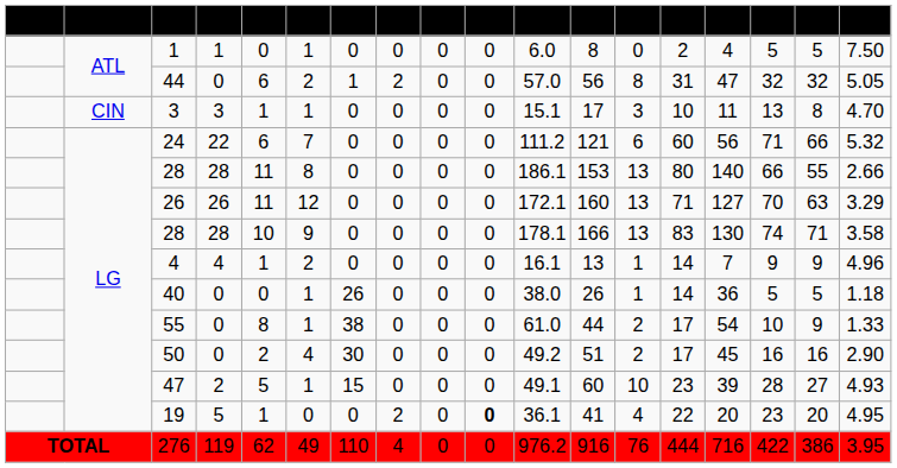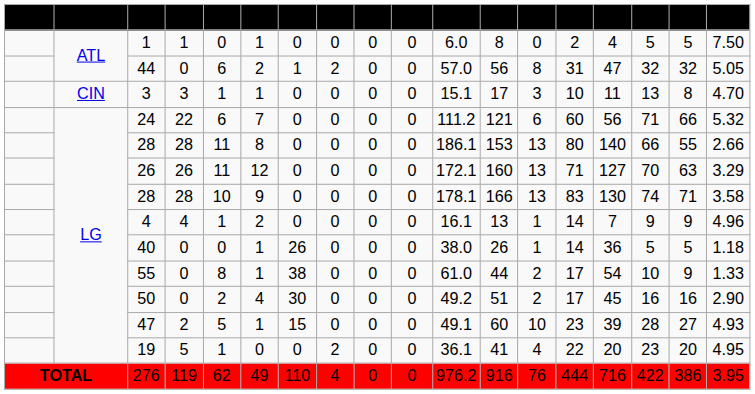 <table class="wikitable" style="text-align: center;">
 <tr bgcolor="#000000">
 <th style="background:#000000;" width="42"><span>Year</span></th>
 <th style="background:#000000;" width="65"><span>Team</span></th>
 <th style="background:#000000;" width="30"><span>G</span></th>
 <th style="background:#000000;" width="30"><span>GS</span></th>
 <th style="background:#000000;" width="30"><span>W</span></th>
 <th style="background:#000000;" width="30"><span>L</span></th>
 <th style="background:#000000;" width="30"><span>SV</span></th>
 <th style="background:#000000;" width="30"><span>H</span></th>
 <th style="background:#000000;" width="30"><span>CG</span></th>
 <th style="background:#000000;" width="30"><span>ShO</span></th>
 <th style="background:#000000;" width="40"><span>IP</span></th>
 <th style="background:#000000;" width="30"><span>H</span></th>
 <th style="background:#000000;" width="30"><span>HR</span></th>
 <th style="background:#000000;" width="30"><span>BB</span></th>
 <th style="background:#000000;" width="30"><span>K</span></th>
 <th style="background:#000000;" width="30"><span>R</span></th>
 <th style="background:#000000;" width="30"><span>ER</span></th>
 <th style="background:#000000;" width="35"><span>ERA</span></th>
 </tr>
 <tr>
 <td></td>
 <td rowspan=2><a href='#'>ATL</a></td>
 <td>1</td>
 <td>1</td>
 <td>0</td>
 <td>1</td>
 <td>0</td>
 <td>0</td>
 <td>0</td>
 <td>0</td>
 <td>6.0</td>
 <td>8</td>
 <td>0</td>
 <td>2</td>
 <td>4</td>
 <td>5</td>
 <td>5</td>
 <td>7.50</td>
 </tr>
 <tr>
 <td></td>
 <td>44</td>
 <td>0</td>
 <td>6</td>
 <td>2</td>
 <td>1</td>
 <td>2</td>
 <td>0</td>
 <td>0</td>
 <td>57.0</td>
 <td>56</td>
 <td>8</td>
 <td>31</td>
 <td>47</td>
 <td>32</td>
 <td>32</td>
 <td>5.05</td>
 </tr>
 <tr>
 <td></td>
 <td><a href='#'>CIN</a></td>
 <td>3</td>
 <td>3</td>
 <td>1</td>
 <td>1</td>
 <td>0</td>
 <td>0</td>
 <td>0</td>
 <td>0</td>
 <td>15.1</td>
 <td>17</td>
 <td>3</td>
 <td>10</td>
 <td>11</td>
 <td>13</td>
 <td>8</td>
 <td>4.70</td>
 </tr>
 <tr>
 <td></td>
 <td rowspan=10><a href='#'>LG</a></td>
 <td>24</td>
 <td>22</td>
 <td>6</td>
 <td>7</td>
 <td>0</td>
 <td>0</td>
 <td>0</td>
 <td>0</td>
 <td>111.2</td>
 <td>121</td>
 <td>6</td>
 <td>60</td>
 <td>56</td>
 <td>71</td>
 <td>66</td>
 <td>5.32</td>
 </tr>
 <tr>
 <td></td>
 <td>28</td>
 <td>28</td>
 <td>11</td>
 <td>8</td>
 <td>0</td>
 <td>0</td>
 <td>0</td>
 <td>0</td>
 <td>186.1</td>
 <td>153</td>
 <td>13</td>
 <td>80</td>
 <td>140</td>
 <td>66</td>
 <td>55</td>
 <td>2.66</td>
 </tr>
 <tr>
 <td></td>
 <td>26</td>
 <td>26</td>
 <td>11</td>
 <td>12</td>
 <td>0</td>
 <td>0</td>
 <td>0</td>
 <td>0</td>
 <td>172.1</td>
 <td>160</td>
 <td>13</td>
 <td>71</td>
 <td>127</td>
 <td>70</td>
 <td>63</td>
 <td>3.29</td>
 </tr>
 <tr>
 <td></td>
 <td>28</td>
 <td>28</td>
 <td>10</td>
 <td>9</td>
 <td>0</td>
 <td>0</td>
 <td>0</td>
 <td>0</td>
 <td>178.1</td>
 <td>166</td>
 <td>13</td>
 <td>83</td>
 <td>130</td>
 <td>74</td>
 <td>71</td>
 <td>3.58</td>
 </tr>
 <tr>
 <td></td>
 <td>4</td>
 <td>4</td>
 <td>1</td>
 <td>2</td>
 <td>0</td>
 <td>0</td>
 <td>0</td>
 <td>0</td>
 <td>16.1</td>
 <td>13</td>
 <td>1</td>
 <td>14</td>
 <td>7</td>
 <td>9</td>
 <td>9</td>
 <td>4.96</td>
 </tr>
 <tr>
 <td></td>
 <td>40</td>
 <td>0</td>
 <td>0</td>
 <td>1</td>
 <td>26</td>
 <td>0</td>
 <td>0</td>
 <td>0</td>
 <td>38.0</td>
 <td>26</td>
 <td>1</td>
 <td>14</td>
 <td>36</td>
 <td>5</td>
 <td>5</td>
 <td>1.18</td>
 </tr>
 <tr>
 <td></td>
 <td>55</td>
 <td>0</td>
 <td>8</td>
 <td>1</td>
 <td>38</td>
 <td>0</td>
 <td>0</td>
 <td>0</td>
 <td>61.0</td>
 <td>44</td>
 <td>2</td>
 <td>17</td>
 <td>54</td>
 <td>10</td>
 <td>9</td>
 <td>1.33</td>
 </tr>
 <tr>
 <td></td>
 <td>50</td>
 <td>0</td>
 <td>2</td>
 <td>4</td>
 <td>30</td>
 <td>0</td>
 <td>0</td>
 <td>0</td>
 <td>49.2</td>
 <td>51</td>
 <td>2</td>
 <td>17</td>
 <td>45</td>
 <td>16</td>
 <td>16</td>
 <td>2.90</td>
 </tr>
 <tr>
 <td></td>
 <td>47</td>
 <td>2</td>
 <td>5</td>
 <td>1</td>
 <td>15</td>
 <td>0</td>
 <td>0</td>
 <td>0</td>
 <td>49.1</td>
 <td>60</td>
 <td>10</td>
 <td>23</td>
 <td>39</td>
 <td>28</td>
 <td>27</td>
 <td>4.93</td>
 </tr>
 <tr>
 <td></td>
 <td>19</td>
 <td>5</td>
 <td>1</td>
 <td>0</td>
 <td>0</td>
 <td>2</td>
 <td>0</td>
-<td><strong>0</strong></td>
+<td>0</td>
 <td>36.1</td>
 <td>41</td>
 <td>4</td>
 <td>22</td>
 <td>20</td>
 <td>23</td>
 <td>20</td>
 <td>4.95</td>
 </tr>
 <tr bgcolor="red">
 <td colspan="2"><span><strong>TOTAL</strong></span></td>
 <td><span>276</span></td>
 <td><span>119</span></td>
 <td><span>62</span></td>
 <td><span>49</span></td>
 <td><span>110</span></td>
 <td><span>4</span></td>
 <td><span>0</span></td>
 <td><span>0</span></td>
 <td><span>976.2</span></td>
 <td><span>916</span></td>
 <td><span>76</span></td>
 <td><span>444</span></td>
 <td><span>716</span></td>
 <td><span>422</span></td>
 <td><span>386</span></td>
 <td><span>3.95</span></td>
 </tr>
 </table>
